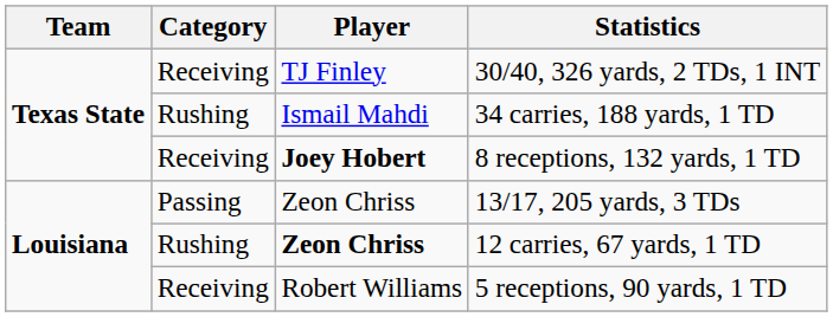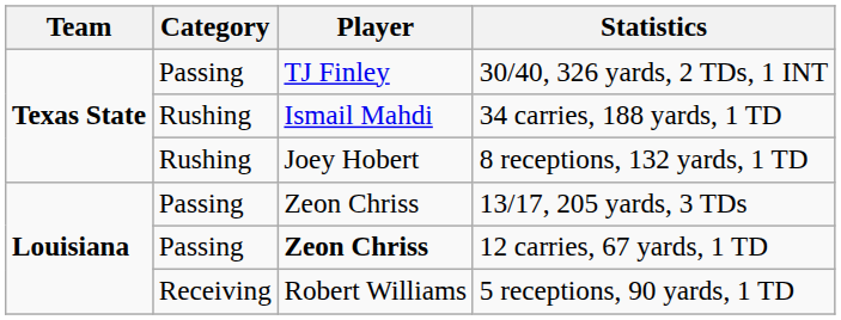 <table class="wikitable" style="float: left;">
 <tr>
 <th>Team</th>
 <th>Category</th>
 <th>Player</th>
 <th>Statistics</th>
 </tr>
 <tr>
 <td rowspan=3><strong>Texas State</strong></td>
-<td>Receiving</td>
+<td>Passing</td>
 <td><a href='#'>TJ Finley</a></td>
 <td>30/40, 326 yards, 2 TDs, 1 INT</td>
 </tr>
 <tr>
 <td>Rushing</td>
 <td><a href='#'>Ismail Mahdi</a></td>
 <td>34 carries, 188 yards, 1 TD</td>
 </tr>
 <tr>
-<td>Receiving</td>
-<td><strong>Joey Hobert</strong></td>
+<td>Rushing</td>
+<td>Joey Hobert</td>
 <td>8 receptions, 132 yards, 1 TD</td>
 </tr>
 <tr>
 <td rowspan=3><strong>Louisiana</strong></td>
 <td>Passing</td>
 <td>Zeon Chriss</td>
 <td>13/17, 205 yards, 3 TDs</td>
 </tr>
 <tr>
-<td>Rushing</td>
+<td>Passing</td>
 <td><strong>Zeon Chriss</strong></td>
 <td>12 carries, 67 yards, 1 TD</td>
 </tr>
 <tr>
 <td>Receiving</td>
 <td>Robert Williams</td>
 <td>5 receptions, 90 yards, 1 TD</td>
 </tr>
 </table>
